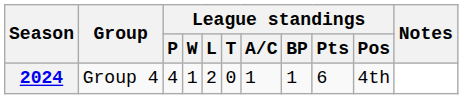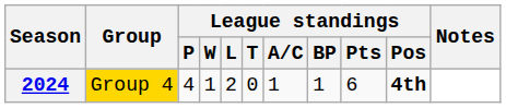 <table class="wikitable sortable">
 <tr>
 <th scope="col" rowspan="2">Season</th>
 <th scope="col" rowspan="2">Group</th>
 <th scope="col" colspan="8">League standings</th>
 <th scope="col" rowspan="2">Notes</th>
 </tr>
 <tr>
 <th scope="col">P</th>
 <th scope="col">W</th>
 <th scope="col">L</th>
 <th scope="col">T</th>
 <th scope="col">A/C</th>
 <th scope="col">BP</th>
 <th scope="col">Pts</th>
 <th scope="col">Pos</th>
 </tr>
 <tr>
 <th scope="row"><a href='#'>2024</a></th>
-<td>Group 4</td>
+<td style="background: gold;">Group 4</td>
 <td>4</td>
 <td>1</td>
 <td>2</td>
 <td>0</td>
 <td>1</td>
 <td>1</td>
 <td>6</td>
-<td>4th</td>
+<td><strong>4th</strong></td>
 <td style="background: white;"></td>
 </tr>
 </table>
